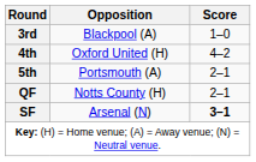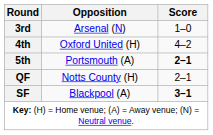 <table class="wikitable plainrowheaders" style="text-align:center;margin:0">
 <tr>
 <th scope="col" style="width:25px">Round</th>
 <th scope="col" style="width:175px">Opposition</th>
 <th scope="col" style="width:70px">Score</th>
 </tr>
 <tr>
 <th scope=row style="text-align:center">3rd</th>
-<td><a href='#'>Blackpool</a> (A)</td>
+<td><a href='#'>Arsenal</a> (<a href='#'>N</a>)</td>
 <td>1–0</td>
 </tr>
 <tr>
 <th scope=row style="text-align:center">4th</th>
 <td><a href='#'>Oxford United</a> (H)</td>
 <td>4–2</td>
 </tr>
 <tr>
 <th scope=row style="text-align:center">5th</th>
 <td><a href='#'>Portsmouth</a> (A)</td>
-<td>2–1</td>
+<td><strong>2–1</strong></td>
 </tr>
 <tr>
 <th scope=row style="text-align:center">QF</th>
 <td><a href='#'>Notts County</a> (H)</td>
 <td>2–1</td>
 </tr>
 <tr>
 <th scope=row style="text-align:center">SF</th>
-<td><a href='#'>Arsenal</a> (<a href='#'>N</a>)</td>
+<td><a href='#'>Blackpool</a> (A)</td>
 <td><strong>3–1</strong></td>
 </tr>
 <tr>
 <td colspan="3" style="background:white;"><small><strong>Key:</strong> (H) = Home venue; (A) = Away venue; (N) = <a href='#'>Neutral venue</a>.</small></td>
 </tr>
 </table>
